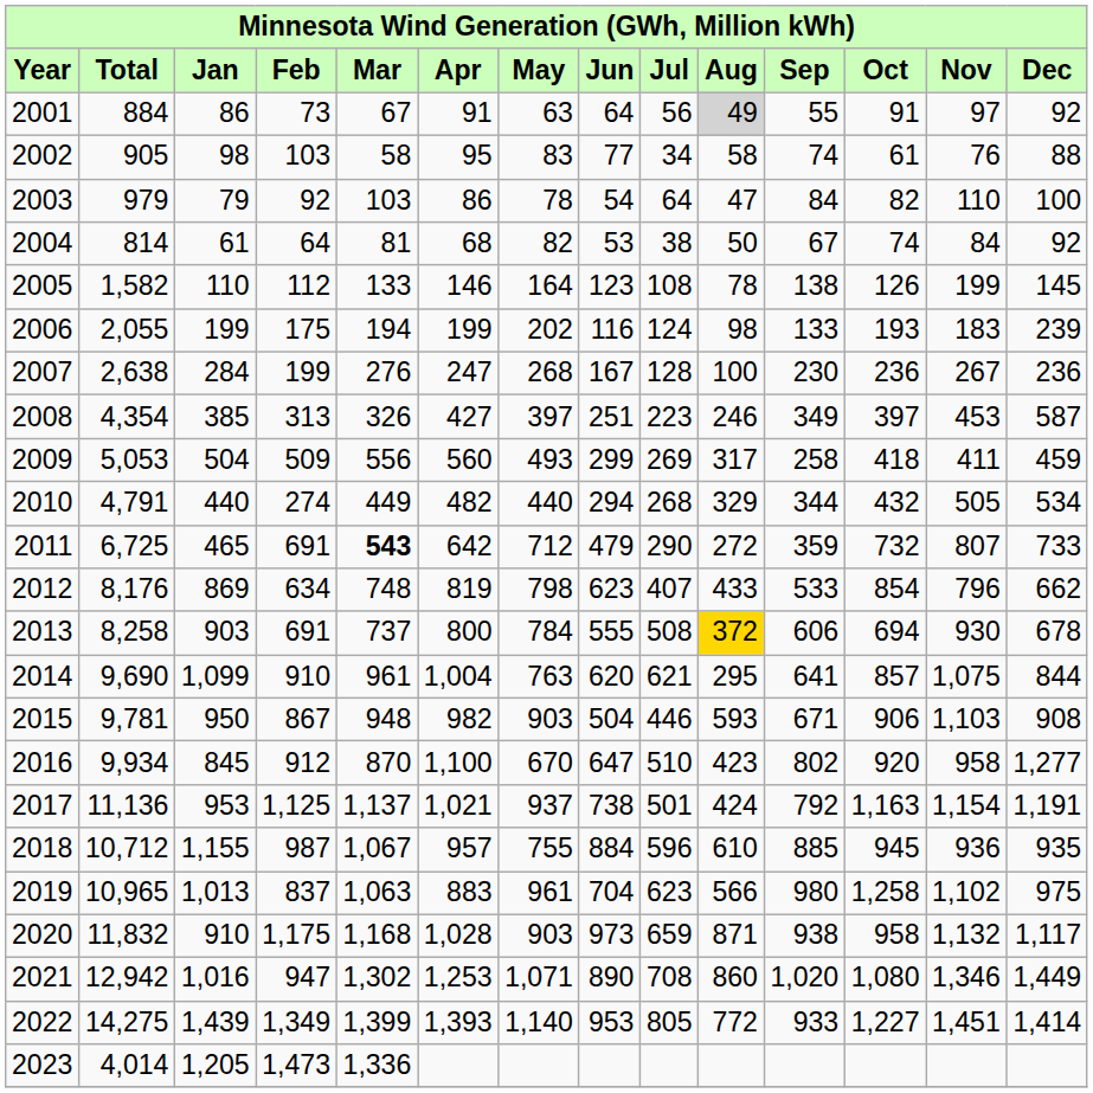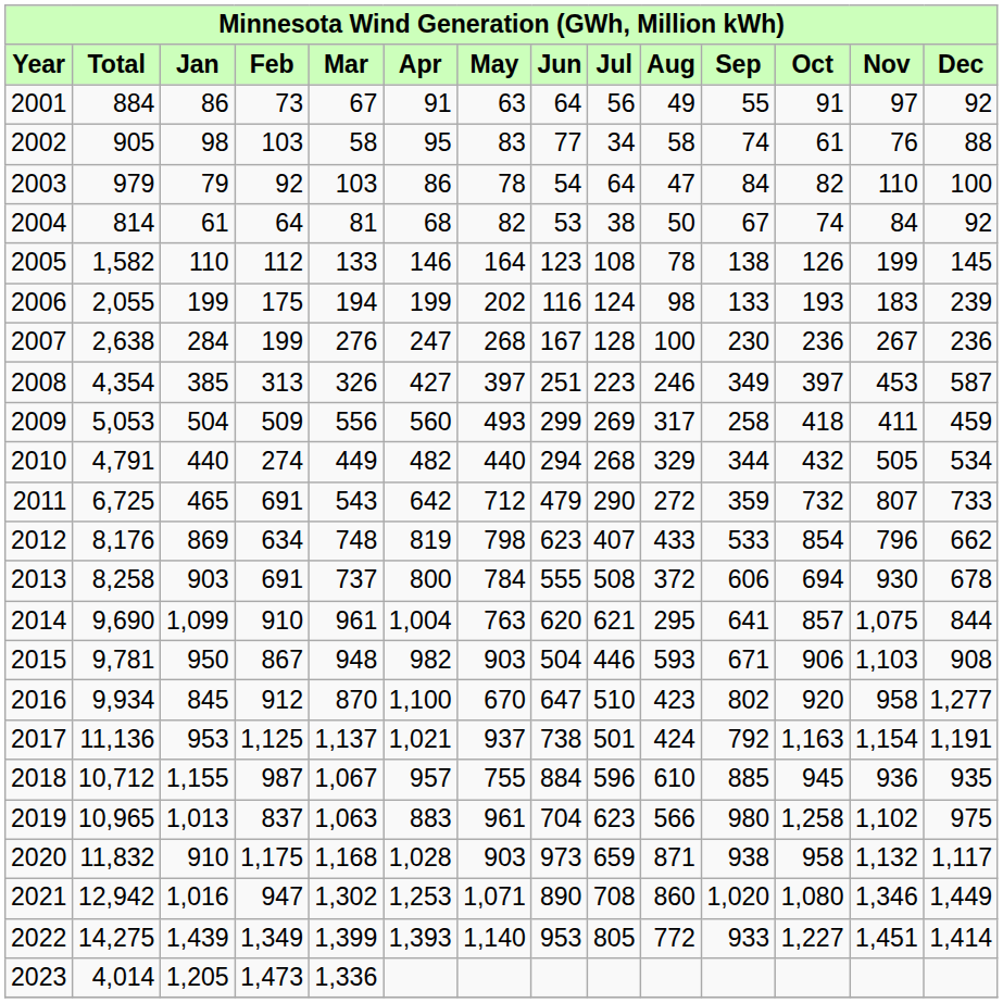 <table class="wikitable" style="text-align:right;">
 <tr>
 <th colspan="14" style="background:#cfb;">Minnesota Wind Generation (GWh, Million kWh)</th>
 </tr>
 <tr>
 <th style="background:#cfb;">Year</th>
 <th style="background:#cfb;">Total</th>
 <th style="background:#cfb;">Jan</th>
 <th style="background:#cfb;">Feb</th>
 <th style="background:#cfb;">Mar</th>
 <th style="background:#cfb;">Apr</th>
 <th style="background:#cfb;">May</th>
 <th style="background:#cfb;">Jun</th>
 <th style="background:#cfb;">Jul</th>
 <th style="background:#cfb;">Aug</th>
 <th style="background:#cfb;">Sep</th>
 <th style="background:#cfb;">Oct</th>
 <th style="background:#cfb;">Nov</th>
 <th style="background:#cfb;">Dec</th>
 </tr>
 <tr align=right>
 <td>2001</td>
 <td>884</td>
 <td>86</td>
 <td>73</td>
 <td>67</td>
 <td>91</td>
 <td>63</td>
 <td>64</td>
 <td>56</td>
-<td style="background: lightgrey;">49</td>
+<td>49</td>
 <td>55</td>
 <td>91</td>
 <td>97</td>
 <td>92</td>
 </tr>
 <tr align=right>
 <td>2002</td>
 <td>905</td>
 <td>98</td>
 <td>103</td>
 <td>58</td>
 <td>95</td>
 <td>83</td>
 <td>77</td>
 <td>34</td>
 <td>58</td>
 <td>74</td>
 <td>61</td>
 <td>76</td>
 <td>88</td>
 </tr>
 <tr align=right>
 <td>2003</td>
 <td>979</td>
 <td>79</td>
 <td>92</td>
 <td>103</td>
 <td>86</td>
 <td>78</td>
 <td>54</td>
 <td>64</td>
 <td>47</td>
 <td>84</td>
 <td>82</td>
 <td>110</td>
 <td>100</td>
 </tr>
 <tr align=right>
 <td>2004</td>
 <td>814</td>
 <td>61</td>
 <td>64</td>
 <td>81</td>
 <td>68</td>
 <td>82</td>
 <td>53</td>
 <td>38</td>
 <td>50</td>
 <td>67</td>
 <td>74</td>
 <td>84</td>
 <td>92</td>
 </tr>
 <tr align=right>
 <td>2005</td>
 <td>1,582</td>
 <td>110</td>
 <td>112</td>
 <td>133</td>
 <td>146</td>
 <td>164</td>
 <td>123</td>
 <td>108</td>
 <td>78</td>
 <td>138</td>
 <td>126</td>
 <td>199</td>
 <td>145</td>
 </tr>
 <tr align=right>
 <td>2006</td>
 <td>2,055</td>
 <td>199</td>
 <td>175</td>
 <td>194</td>
 <td>199</td>
 <td>202</td>
 <td>116</td>
 <td>124</td>
 <td>98</td>
 <td>133</td>
 <td>193</td>
 <td>183</td>
 <td>239</td>
 </tr>
 <tr align=right>
 <td>2007</td>
 <td>2,638</td>
 <td>284</td>
 <td>199</td>
 <td>276</td>
 <td>247</td>
 <td>268</td>
 <td>167</td>
 <td>128</td>
 <td>100</td>
 <td>230</td>
 <td>236</td>
 <td>267</td>
 <td>236</td>
 </tr>
 <tr align=right>
 <td>2008</td>
 <td>4,354</td>
 <td>385</td>
 <td>313</td>
 <td>326</td>
 <td>427</td>
 <td>397</td>
 <td>251</td>
 <td>223</td>
 <td>246</td>
 <td>349</td>
 <td>397</td>
 <td>453</td>
 <td>587</td>
 </tr>
 <tr align=right>
 <td>2009</td>
 <td>5,053</td>
 <td>504</td>
 <td>509</td>
 <td>556</td>
 <td>560</td>
 <td>493</td>
 <td>299</td>
 <td>269</td>
 <td>317</td>
 <td>258</td>
 <td>418</td>
 <td>411</td>
 <td>459</td>
 </tr>
 <tr align=right>
 <td>2010</td>
 <td>4,791</td>
 <td>440</td>
 <td>274</td>
 <td>449</td>
 <td>482</td>
 <td>440</td>
 <td>294</td>
 <td>268</td>
 <td>329</td>
 <td>344</td>
 <td>432</td>
 <td>505</td>
 <td>534</td>
 </tr>
 <tr align=right>
 <td>2011</td>
 <td>6,725</td>
 <td>465</td>
 <td>691</td>
-<td><strong>543</strong></td>
+<td>543</td>
 <td>642</td>
 <td>712</td>
 <td>479</td>
 <td>290</td>
 <td>272</td>
 <td>359</td>
 <td>732</td>
 <td>807</td>
 <td>733</td>
 </tr>
 <tr align=right>
 <td>2012</td>
 <td>8,176</td>
 <td>869</td>
 <td>634</td>
 <td>748</td>
 <td>819</td>
 <td>798</td>
 <td>623</td>
 <td>407</td>
 <td>433</td>
 <td>533</td>
 <td>854</td>
 <td>796</td>
 <td>662</td>
 </tr>
 <tr align=right>
 <td>2013</td>
 <td>8,258</td>
 <td>903</td>
 <td>691</td>
 <td>737</td>
 <td>800</td>
 <td>784</td>
 <td>555</td>
 <td>508</td>
-<td style="background: gold;">372</td>
+<td>372</td>
 <td>606</td>
 <td>694</td>
 <td>930</td>
 <td>678</td>
 </tr>
 <tr align=right>
 <td>2014</td>
 <td>9,690</td>
 <td>1,099</td>
 <td>910</td>
 <td>961</td>
 <td>1,004</td>
 <td>763</td>
 <td>620</td>
 <td>621</td>
 <td>295</td>
 <td>641</td>
 <td>857</td>
 <td>1,075</td>
 <td>844</td>
 </tr>
 <tr align=right>
 <td>2015</td>
 <td>9,781</td>
 <td>950</td>
 <td>867</td>
 <td>948</td>
 <td>982</td>
 <td>903</td>
 <td>504</td>
 <td>446</td>
 <td>593</td>
 <td>671</td>
 <td>906</td>
 <td>1,103</td>
 <td>908</td>
 </tr>
 <tr align=right>
 <td>2016</td>
 <td>9,934</td>
 <td>845</td>
 <td>912</td>
 <td>870</td>
 <td>1,100</td>
 <td>670</td>
 <td>647</td>
 <td>510</td>
 <td>423</td>
 <td>802</td>
 <td>920</td>
 <td>958</td>
 <td>1,277</td>
 </tr>
 <tr align=right>
 <td>2017</td>
 <td>11,136</td>
 <td>953</td>
 <td>1,125</td>
 <td>1,137</td>
 <td>1,021</td>
 <td>937</td>
 <td>738</td>
 <td>501</td>
 <td>424</td>
 <td>792</td>
 <td>1,163</td>
 <td>1,154</td>
 <td>1,191</td>
 </tr>
 <tr align=right>
 <td>2018</td>
 <td>10,712</td>
 <td>1,155</td>
 <td>987</td>
 <td>1,067</td>
 <td>957</td>
 <td>755</td>
 <td>884</td>
 <td>596</td>
 <td>610</td>
 <td>885</td>
 <td>945</td>
 <td>936</td>
 <td>935</td>
 </tr>
 <tr align=right>
 <td>2019</td>
 <td>10,965</td>
 <td>1,013</td>
 <td>837</td>
 <td>1,063</td>
 <td>883</td>
 <td>961</td>
 <td>704</td>
 <td>623</td>
 <td>566</td>
 <td>980</td>
 <td>1,258</td>
 <td>1,102</td>
 <td>975</td>
 </tr>
 <tr align=right>
 <td>2020</td>
 <td>11,832</td>
 <td>910</td>
 <td>1,175</td>
 <td>1,168</td>
 <td>1,028</td>
 <td>903</td>
 <td>973</td>
 <td>659</td>
 <td>871</td>
 <td>938</td>
 <td>958</td>
 <td>1,132</td>
 <td>1,117</td>
 </tr>
 <tr align=right>
 <td>2021</td>
 <td>12,942</td>
 <td>1,016</td>
 <td>947</td>
 <td>1,302</td>
 <td>1,253</td>
 <td>1,071</td>
 <td>890</td>
 <td>708</td>
 <td>860</td>
 <td>1,020</td>
 <td>1,080</td>
 <td>1,346</td>
 <td>1,449</td>
 </tr>
 <tr align=right>
 <td>2022</td>
 <td>14,275</td>
 <td>1,439</td>
 <td>1,349</td>
 <td>1,399</td>
 <td>1,393</td>
 <td>1,140</td>
 <td>953</td>
 <td>805</td>
 <td>772</td>
 <td>933</td>
 <td>1,227</td>
 <td>1,451</td>
 <td>1,414</td>
 </tr>
 <tr align=right>
 <td>2023</td>
 <td>4,014</td>
 <td>1,205</td>
 <td>1,473</td>
 <td>1,336</td>
 <td></td>
 <td></td>
 <td></td>
 <td></td>
 <td></td>
 <td></td>
 <td></td>
 <td></td>
 <td></td>
 </tr>
 <tr align=right>
 </tr>
 </table>
